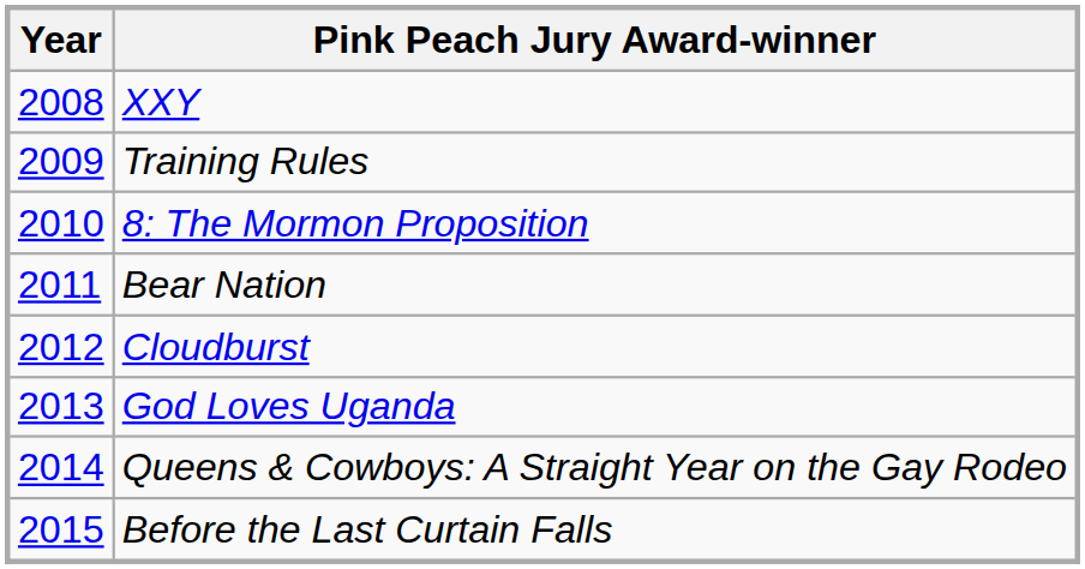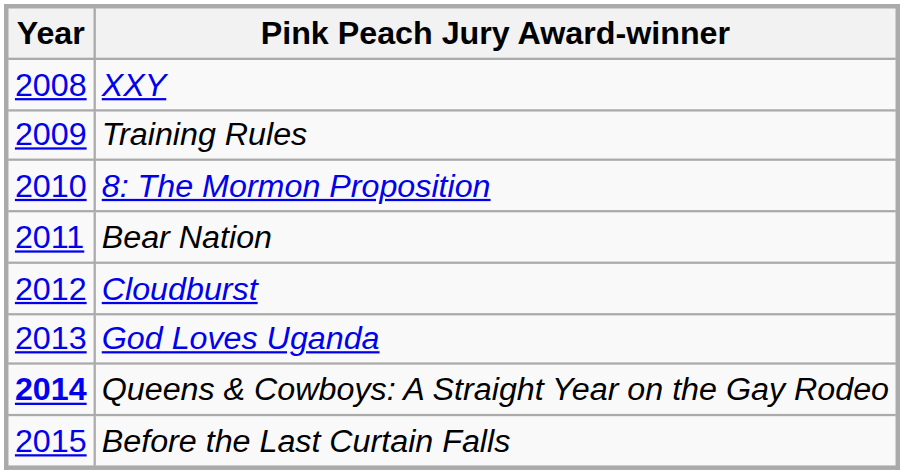 <table class="wikitable" style="border:2px #aaa solid; font-size:90%;">
 <tr style="background:LightSteelBlue; text-align:center;">
 <th>Year</th>
 <th>Pink Peach Jury Award-winner</th>
 </tr>
 <tr>
 <td><a href='#'>2008</a></td>
 <td><em><a href='#'>XXY</a></em></td>
 </tr>
 <tr>
 <td><a href='#'>2009</a></td>
 <td><em>Training Rules</em></td>
 </tr>
 <tr>
 <td><a href='#'>2010</a></td>
 <td><em><a href='#'>8: The Mormon Proposition</a></em></td>
 </tr>
 <tr>
 <td><a href='#'>2011</a></td>
 <td><em>Bear Nation</em></td>
 </tr>
 <tr>
 <td><a href='#'>2012</a></td>
 <td><em><a href='#'>Cloudburst</a></em></td>
 </tr>
 <tr>
 <td><a href='#'>2013</a></td>
 <td><em><a href='#'>God Loves Uganda</a></em></td>
 </tr>
 <tr>
-<td><a href='#'>2014</a></td>
+<td><strong><a href='#'>2014</a></strong></td>
 <td><em>Queens & Cowboys: A Straight Year on the Gay Rodeo</em></td>
 </tr>
 <tr>
 <td><a href='#'>2015</a></td>
 <td><em>Before the Last Curtain Falls</em></td>
 </tr>
 </table>
